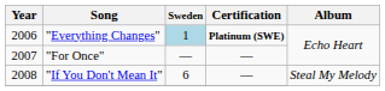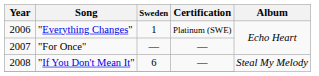 <table class="wikitable">
 <tr>
 <th width="40">Year</th>
 <th>Song</th>
 <th width="40"><small>Sweden</small></th>
 <th>Certification</th>
 <th>Album</th>
 </tr>
 <tr>
 <td align="center" rowspan=1>2006</td>
 <td>"<a href='#'>Everything Changes</a>"</td>
-<td align="center" style="background: lightblue;">1</td>
-<td><strong><small>Platinum (SWE)</small></strong></td>
+<td align="center">1</td>
+<td><small>Platinum (SWE)</small></td>
 <td align="center" rowspan=2><em>Echo Heart</em></td>
 </tr>
 <tr>
 <td align="center" rowspan=1>2007</td>
 <td>"For Once"</td>
 <td align="center">—</td>
 <td align="center">—</td>
 </tr>
 <tr>
 <td align="center" rowspan=1>2008</td>
 <td>"<a href='#'>If You Don't Mean It</a>"</td>
 <td align="center">6</td>
 <td align="center">—</td>
 <td align="center" rowspan=2><em>Steal My Melody</em></td>
 </tr>
 <tr>
 </tr>
 </table>
